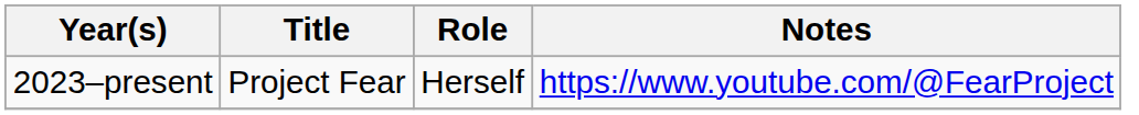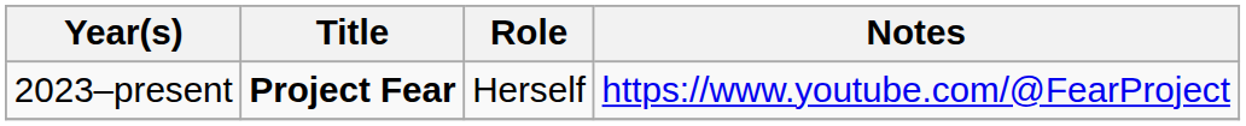 <table class="wikitable sortable">
 <tr>
 <th>Year(s)</th>
 <th>Title</th>
 <th>Role</th>
 <th>Notes</th>
 </tr>
 <tr>
 <td>2023–present</td>
-<td>Project Fear</td>
+<td><strong>Project Fear</strong></td>
 <td>Herself</td>
 <td><a href='#'>https://www.youtube.com/@FearProject</a></td>
 </tr>
 <tr>
 </tr>
 </table>
